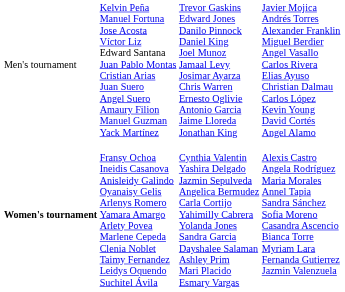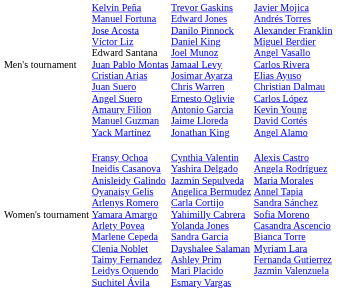 <table>
 <tr>
 <td>Men's tournament</td>
 <td><br><a href='#'>Kelvin Peña</a><br><a href='#'>Manuel Fortuna</a><br><a href='#'>Jose Acosta</a><br><a href='#'>Víctor Liz</a><br>Edward Santana<br><a href='#'>Juan Pablo Montas</a><br><a href='#'>Cristian Arias</a><br><a href='#'>Juan Suero</a><br><a href='#'>Angel Suero</a><br><a href='#'>Amaury Filion</a><br><a href='#'>Manuel Guzman</a><br><a href='#'>Yack Martínez</a></td>
 <td><br><a href='#'>Trevor Gaskins</a><br><a href='#'>Edward Jones</a><br><a href='#'>Danilo Pinnock</a><br><a href='#'>Daniel King</a><br><a href='#'>Joel Munoz</a><br><a href='#'>Jamaal Levy</a><br><a href='#'>Josimar Ayarza</a><br><a href='#'>Chris Warren</a><br><a href='#'>Ernesto Oglivie</a><br><a href='#'>Antonio Garcia</a><br><a href='#'>Jaime Lloreda</a><br><a href='#'>Jonathan King</a></td>
 <td><br><a href='#'>Javier Mojica</a><br><a href='#'>Andrés Torres</a><br><a href='#'>Alexander Franklin</a><br><a href='#'>Miguel Berdier</a><br><a href='#'>Angel Vasallo</a><br><a href='#'>Carlos Rivera</a><br><a href='#'>Elias Ayuso</a><br><a href='#'>Christian Dalmau</a><br><a href='#'>Carlos López</a><br><a href='#'>Kevin Young</a><br><a href='#'>David Cortés</a><br><a href='#'>Angel Alamo</a></td>
 </tr>
 <tr>
-<td><strong>Women's tournament</strong></td>
+<td>Women's tournament</td>
 <td><br><a href='#'>Fransy Ochoa</a><br><a href='#'>Ineidis Casanova</a><br><a href='#'>Anisleidy Galindo</a><br><a href='#'>Oyanaisy Gelis</a><br><a href='#'>Arlenys Romero</a><br><a href='#'>Yamara Amargo</a><br><a href='#'>Arlety Povea</a><br><a href='#'>Marlene Cepeda</a><br><a href='#'>Clenia Noblet</a><br><a href='#'>Taimy Fernandez</a><br><a href='#'>Leidys Oquendo</a><br><a href='#'>Suchitel Ávila</a></td>
 <td><br><a href='#'>Cynthia Valentin</a><br><a href='#'>Yashira Delgado</a><br><a href='#'>Jazmin Sepulveda</a><br><a href='#'>Angelica Bermudez</a><br><a href='#'>Carla Cortijo</a><br><a href='#'>Yahimilly Cabrera</a><br><a href='#'>Yolanda Jones</a><br><a href='#'>Sandra Garcia</a><br><a href='#'>Dayshalee Salaman</a><br><a href='#'>Ashley Prim</a><br><a href='#'>Mari Placido</a><br><a href='#'>Esmary Vargas</a></td>
 <td valign=top><br><a href='#'>Alexis Castro</a><br><a href='#'>Angela Rodríguez</a><br><a href='#'>Maria Morales</a><br><a href='#'>Annel Tapia</a><br><a href='#'>Sandra Sánchez</a><br><a href='#'>Sofia Moreno</a><br><a href='#'>Casandra Ascencio</a><br><a href='#'>Bianca Torre</a><br><a href='#'>Myriam Lara</a><br><a href='#'>Fernanda Gutierrez</a><br><a href='#'>Jazmin Valenzuela</a></td>
 </tr>
 <tr>
 </tr>
 </table>
